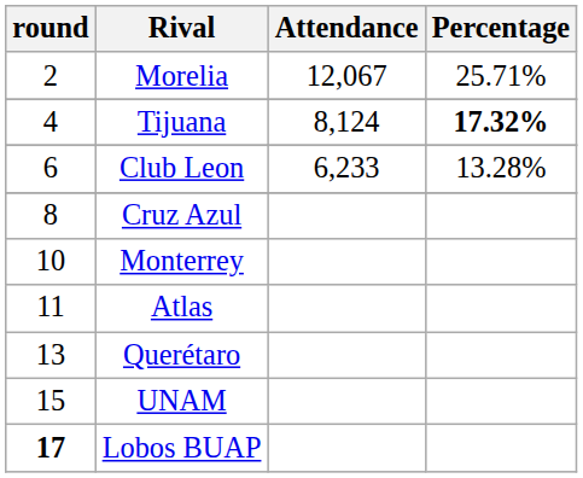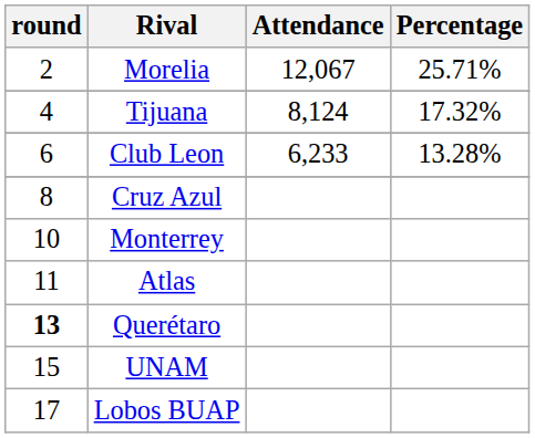 <table class="wikitable sortable">
 <tr>
 <th>round</th>
 <th>Rival</th>
 <th>Attendance</th>
 <th>Percentage</th>
 </tr>
 <tr align=center bgcolor=#FFFFFF>
 <td>2</td>
 <td><a href='#'>Morelia</a></td>
 <td>12,067</td>
 <td>25.71%</td>
 </tr>
 <tr>
 </tr>
 <tr align=center bgcolor=#FFFFFF>
 <td>4</td>
 <td><a href='#'>Tijuana</a></td>
 <td>8,124</td>
-<td><strong>17.32%</strong></td>
+<td>17.32%</td>
 </tr>
 <tr>
 </tr>
 <tr align=center bgcolor=#FFFFFF>
 <td>6</td>
 <td><a href='#'>Club Leon</a></td>
 <td>6,233</td>
 <td>13.28%</td>
 </tr>
 <tr>
 </tr>
 <tr align=center bgcolor=#FFFFFF>
 <td>8</td>
 <td><a href='#'>Cruz Azul</a></td>
 <td></td>
 <td></td>
 </tr>
 <tr align=center bgcolor=#FFFFFF>
 <td>10</td>
 <td><a href='#'>Monterrey</a></td>
 <td></td>
 <td></td>
 </tr>
 <tr align=center bgcolor=#FFFFFF>
 <td>11</td>
 <td><a href='#'>Atlas</a></td>
 <td></td>
 <td></td>
 </tr>
 <tr align=center bgcolor=#FFFFFF>
-<td>13</td>
+<td><strong>13</strong></td>
 <td><a href='#'>Querétaro</a></td>
 <td></td>
 <td></td>
 </tr>
 <tr align=center bgcolor=#FFFFFF>
 <td>15</td>
 <td><a href='#'>UNAM</a></td>
 <td></td>
 <td></td>
 </tr>
 <tr align=center bgcolor=#FFFFFF>
-<td><strong>17</strong></td>
+<td>17</td>
 <td><a href='#'>Lobos BUAP</a></td>
 <td></td>
 <td></td>
 </tr>
 </table>
